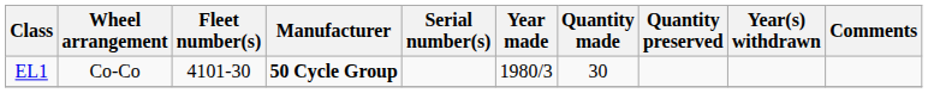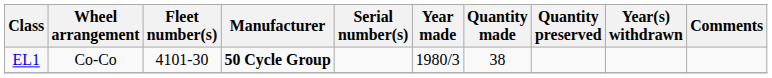 <table class=wikitable style=text-align:center>
 <tr>
 <th>Class</th>
 <th>Wheel<br>arrangement</th>
 <th>Fleet<br>number(s)</th>
 <th>Manufacturer</th>
 <th>Serial<br>number(s)</th>
 <th>Year<br>made</th>
 <th>Quantity<br>made</th>
 <th>Quantity<br>preserved</th>
 <th>Year(s)<br>withdrawn</th>
 <th>Comments</th>
 </tr>
 <tr>
 <td><a href='#'>EL1</a></td>
 <td>Co-Co</td>
 <td>4101-30</td>
 <td><strong>50 Cycle Group</strong></td>
 <td></td>
 <td>1980/3</td>
-<td>30</td>
+<td>38</td>
 <td></td>
 <td></td>
 <td align=left></td>
 </tr>
 <tr>
 </tr>
 </table>
